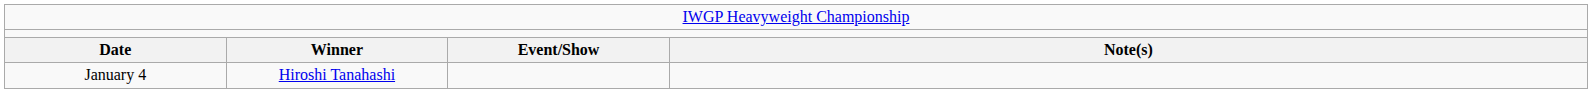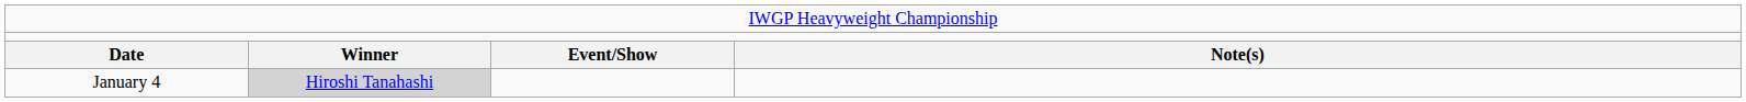 <table class="wikitable" style="text-align:center; width:100%;">
 <tr>
 <td colspan="5"><a href='#'>IWGP Heavyweight Championship</a></td>
 </tr>
 <tr>
 <td colspan="5"><strong></strong></td>
 </tr>
 <tr>
 <th width=14%>Date</th>
 <th width=14%>Winner</th>
 <th width=14%>Event/Show</th>
 <th width=58%>Note(s)</th>
 </tr>
 <tr>
 <td>January 4</td>
-<td><a href='#'>Hiroshi Tanahashi</a></td>
+<td style="background: lightgrey;"><a href='#'>Hiroshi Tanahashi</a></td>
 <td></td>
 <td align=left></td>
 </tr>
 </table>
